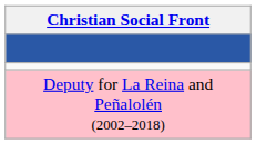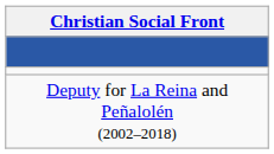 <table class="wikitable" style="float:right; font-size:90%; text-align:center; margin:10px;">
 <tr>
 <td style="background:#f1f1f1;"> <strong><a href='#'>Christian Social Front</a></strong></td>
 </tr>
 <tr>
 <th style="color:#000; font-size:100%; background:#2A58A6; width:200px;"><br><small></small></th>
 </tr>
 <tr>
 <td></td>
 </tr>
 <tr>
-<td style="background: pink;"><a href='#'>Deputy</a> for <a href='#'>La Reina</a> and <a href='#'>Peñalolén</a><br><small>(2002–2018)</small></td>
+<td><a href='#'>Deputy</a> for <a href='#'>La Reina</a> and <a href='#'>Peñalolén</a><br><small>(2002–2018)</small></td>
 </tr>
 </table>
